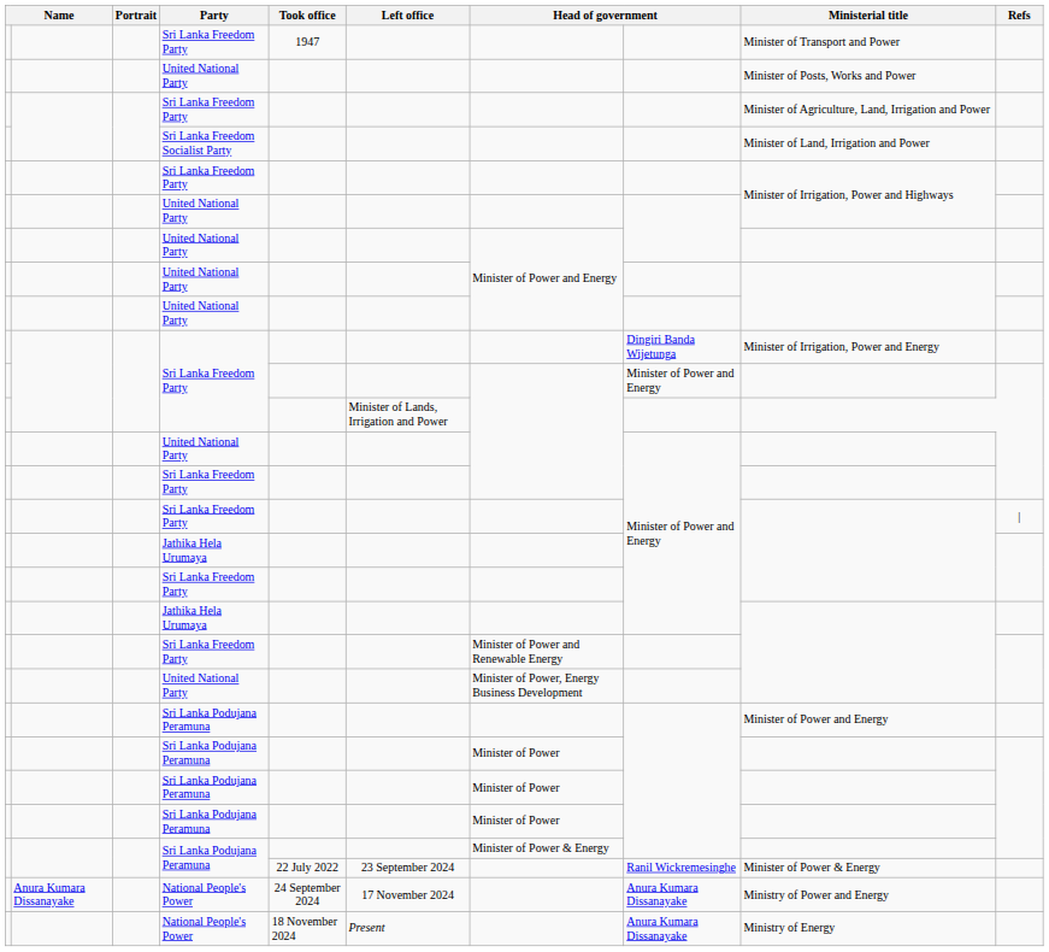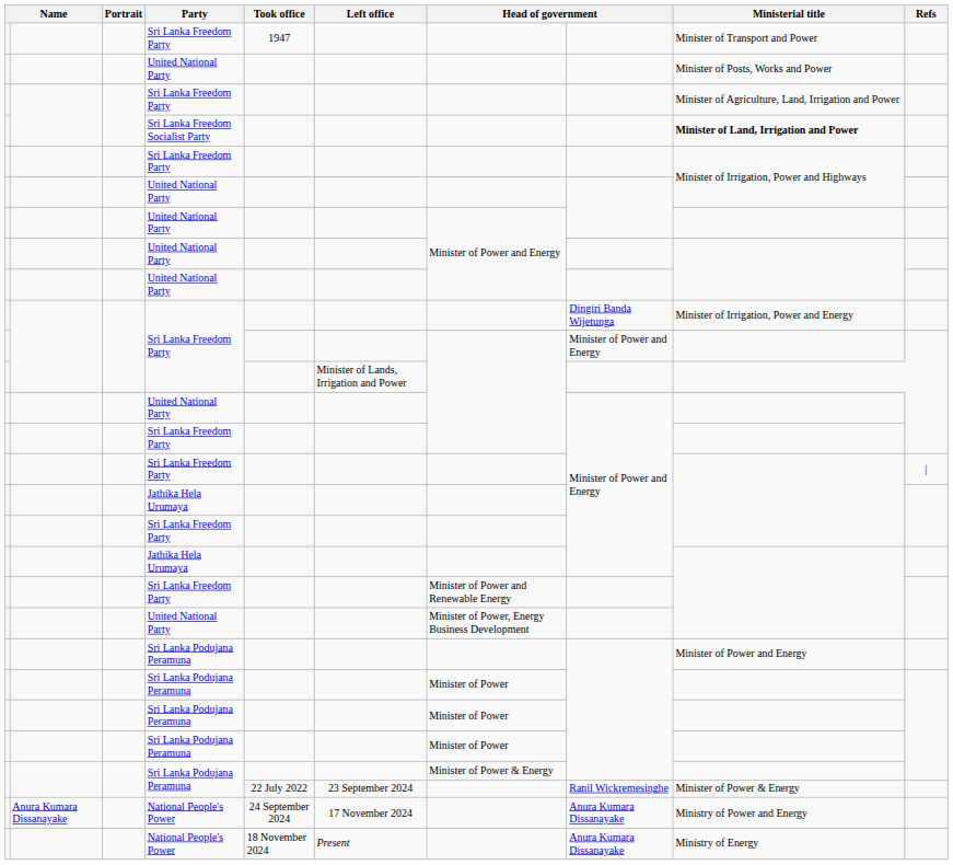 <table class="wikitable plainrowheaders sortable" style="font-size:90%; text-align:left;">
 <tr>
 <th scope=col colspan="2">Name</th>
 <th scope=col class=unsortable>Portrait</th>
 <th scope=col>Party</th>
 <th scope=col>Took office</th>
 <th scope=col>Left office</th>
 <th scope=col colspan="2">Head of government</th>
 <th scope=col width=300px>Ministerial title</th>
 <th scope=col width=50px class=unsortable>Refs</th>
 </tr>
 <tr>
 <td !align="center" style="background:"></td>
 <td></td>
 <td align=center></td>
 <td><a href='#'>Sri Lanka Freedom Party</a></td>
 <td align=center>1947</td>
 <td align="center"></td>
 <td !align="center" style="background:"></td>
 <td></td>
 <td>Minister of Transport and Power</td>
 <td align=center></td>
 </tr>
 <tr>
 <td !align="center" style="background:"></td>
 <td></td>
 <td></td>
 <td><a href='#'>United National Party</a></td>
 <td align=center></td>
 <td align=center></td>
 <td !align="center" style="background:"></td>
 <td></td>
 <td>Minister of Posts, Works and Power</td>
 <td align=center></td>
 </tr>
 <tr>
 <td !align="center" style="background:"></td>
 <td rowspan=2></td>
 <td rowspan=2></td>
 <td><a href='#'>Sri Lanka Freedom Party</a></td>
 <td align=center></td>
 <td align=center></td>
 <td !align="center" style="background:"></td>
 <td></td>
 <td>Minister of Agriculture, Land, Irrigation and Power</td>
 <td align=center></td>
 </tr>
 <tr>
 <td !align="center" style="background:"></td>
 <td><a href='#'>Sri Lanka Freedom Socialist Party</a></td>
 <td align=center></td>
 <td></td>
 <td !align="center" style="background:"></td>
 <td></td>
-<td>Minister of Land, Irrigation and Power</td>
+<td><strong>Minister of Land, Irrigation and Power</strong></td>
 <td align=center></td>
 </tr>
 <tr>
 <td !align="center" style="background:"></td>
 <td></td>
 <td align=center></td>
 <td><a href='#'>Sri Lanka Freedom Party</a></td>
 <td align=center></td>
 <td></td>
 <td !align="center" style="background:"></td>
 <td></td>
 <td rowspan=2>Minister of Irrigation, Power and Highways</td>
 <td align=center></td>
 </tr>
 <tr>
 <td !align="center" style="background:"></td>
 <td></td>
 <td align=center></td>
 <td><a href='#'>United National Party</a></td>
 <td align=center></td>
 <td></td>
 <td !align="center" style="background:"></td>
 <td rowspan=2></td>
 <td align=center></td>
 </tr>
 <tr>
 <td !align="center" style="background:"></td>
 <td></td>
 <td></td>
 <td><a href='#'>United National Party</a></td>
 <td></td>
 <td></td>
 <td rowspan=3>Minister of Power and Energy</td>
 <td align=center></td>
 </tr>
 <tr>
 <td !align="center" style="background:"></td>
 <td></td>
 <td></td>
 <td><a href='#'>United National Party</a></td>
 <td align=center></td>
 <td align=center></td>
 <td !align="center" style="background:"></td>
 <td rowspan=2></td>
 <td align=center></td>
 </tr>
 <tr>
 <td !align="center" style="background:"></td>
 <td></td>
 <td></td>
 <td><a href='#'>United National Party</a></td>
 <td align=center></td>
 <td></td>
 <td align=center></td>
 </tr>
 <tr>
 <td !align="center" style="background:"></td>
 <td rowspan=3></td>
 <td rowspan=3></td>
 <td rowspan=3><a href='#'>Sri Lanka Freedom Party</a></td>
 <td align=center></td>
 <td></td>
 <td !align="center" style="background:"></td>
 <td><a href='#'>Dingiri Banda Wijetunga</a></td>
 <td>Minister of Irrigation, Power and Energy</td>
 <td align=center></td>
 </tr>
 <tr>
 <td align=center></td>
 <td></td>
 <td !align="center" style="background:"></td>
 <td rowspan=4></td>
 <td>Minister of Power and Energy</td>
 <td align=center></td>
 </tr>
 <tr>
 <td align=center></td>
 <td></td>
 <td>Minister of Lands, Irrigation and Power</td>
 <td align=center></td>
 </tr>
 <tr>
 <td !align="center" style="background:"></td>
 <td></td>
 <td align=center></td>
 <td><a href='#'>United National Party</a></td>
 <td align=center></td>
 <td align=center></td>
 <td rowspan=6>Minister of Power and Energy</td>
 <td align=center></td>
 </tr>
 <tr>
 <td !align="center" style="background:"></td>
 <td></td>
 <td align=center></td>
 <td><a href='#'>Sri Lanka Freedom Party</a></td>
 <td align=center></td>
 <td></td>
 <td align=center></td>
 </tr>
 <tr>
 <td !align="center" style="background:"></td>
 <td></td>
 <td></td>
 <td><a href='#'>Sri Lanka Freedom Party</a></td>
 <td align=center></td>
 <td></td>
 <td !align="center" style="background:"></td>
 <td rowspan=3></td>
 <td align=center>|</td>
 </tr>
 <tr>
 <td !align="center" style="background:"></td>
 <td></td>
 <td align=center></td>
 <td><a href='#'>Jathika Hela Urumaya</a></td>
 <td align=center></td>
 <td></td>
 <td align=center></td>
 </tr>
 <tr>
 <td !align="center" style="background:"></td>
 <td></td>
 <td></td>
 <td><a href='#'>Sri Lanka Freedom Party</a></td>
 <td align=center></td>
 <td></td>
 <td align=center></td>
 </tr>
 <tr>
 <td !align="center" style="background:"></td>
 <td></td>
 <td align=center></td>
 <td><a href='#'>Jathika Hela Urumaya</a></td>
 <td align=center></td>
 <td align=center></td>
 <td !align="center" style="background:"></td>
 <td rowspan=3></td>
 <td align=center></td>
 </tr>
 <tr>
 <td !align="center" style="background:"></td>
 <td></td>
 <td align=center></td>
 <td><a href='#'>Sri Lanka Freedom Party</a></td>
 <td align=center></td>
 <td></td>
 <td>Minister of Power and Renewable Energy</td>
 <td align=center></td>
 </tr>
 <tr>
 <td !align="center" style="background:"></td>
 <td></td>
 <td align=center></td>
 <td><a href='#'>United National Party</a></td>
 <td align=center></td>
 <td></td>
 <td>Minister of Power, Energy Business Development</td>
 <td align=center></td>
 </tr>
 <tr>
 <td !align="center" style="background:"></td>
 <td></td>
 <td></td>
 <td><a href='#'>Sri Lanka Podujana Peramuna</a></td>
 <td align=center></td>
 <td></td>
 <td !align="center" style="background:"></td>
 <td rowspan=5></td>
 <td>Minister of Power and Energy</td>
 <td align=center></td>
 </tr>
 <tr>
 <td !align="center" style="background:"></td>
 <td></td>
 <td align=center></td>
 <td><a href='#'>Sri Lanka Podujana Peramuna</a></td>
 <td align=center></td>
 <td></td>
 <td>Minister of Power</td>
 <td align=center></td>
 </tr>
 <tr>
 <td !align="center" style="background:"></td>
 <td></td>
 <td></td>
 <td><a href='#'>Sri Lanka Podujana Peramuna</a></td>
 <td align=center></td>
 <td></td>
 <td>Minister of Power</td>
 <td align=center></td>
 </tr>
 <tr>
 <td !align="center" style="background:"></td>
 <td></td>
 <td></td>
 <td><a href='#'>Sri Lanka Podujana Peramuna</a></td>
 <td align=center></td>
 <td></td>
 <td>Minister of Power</td>
 <td align=center></td>
 </tr>
 <tr>
 <td rowspan="2"></td>
 <td rowspan="2"></td>
 <td rowspan="2"></td>
 <td rowspan="2"><a href='#'>Sri Lanka Podujana Peramuna</a></td>
 <td align=center></td>
 <td align=center></td>
 <td>Minister of Power & Energy</td>
 <td align=center></td>
 </tr>
 <tr>
 <td align="center">22 July 2022</td>
 <td align="center">23 September 2024</td>
 <td !align="center" style="background:"></td>
 <td><a href='#'>Ranil Wickremesinghe</a></td>
 <td>Minister of Power & Energy</td>
 <td></td>
 </tr>
 <tr>
 <td !align="center" style="background:"></td>
 <td><a href='#'>Anura Kumara Dissanayake</a></td>
 <td></td>
 <td><a href='#'>National People's Power</a></td>
 <td align="center">24 September 2024</td>
 <td align="center">17 November 2024</td>
 <td !align="center" style="background:"></td>
 <td><a href='#'>Anura Kumara Dissanayake</a></td>
 <td>Ministry of Power and Energy</td>
 <td></td>
 </tr>
 <tr>
 <td></td>
 <td></td>
 <td></td>
 <td><a href='#'>National People's Power</a></td>
 <td>18 November 2024</td>
 <td><em>Present</em></td>
 <td></td>
 <td><a href='#'>Anura Kumara Dissanayake</a></td>
 <td>Ministry of Energy</td>
 <td></td>
 </tr>
 </table>
